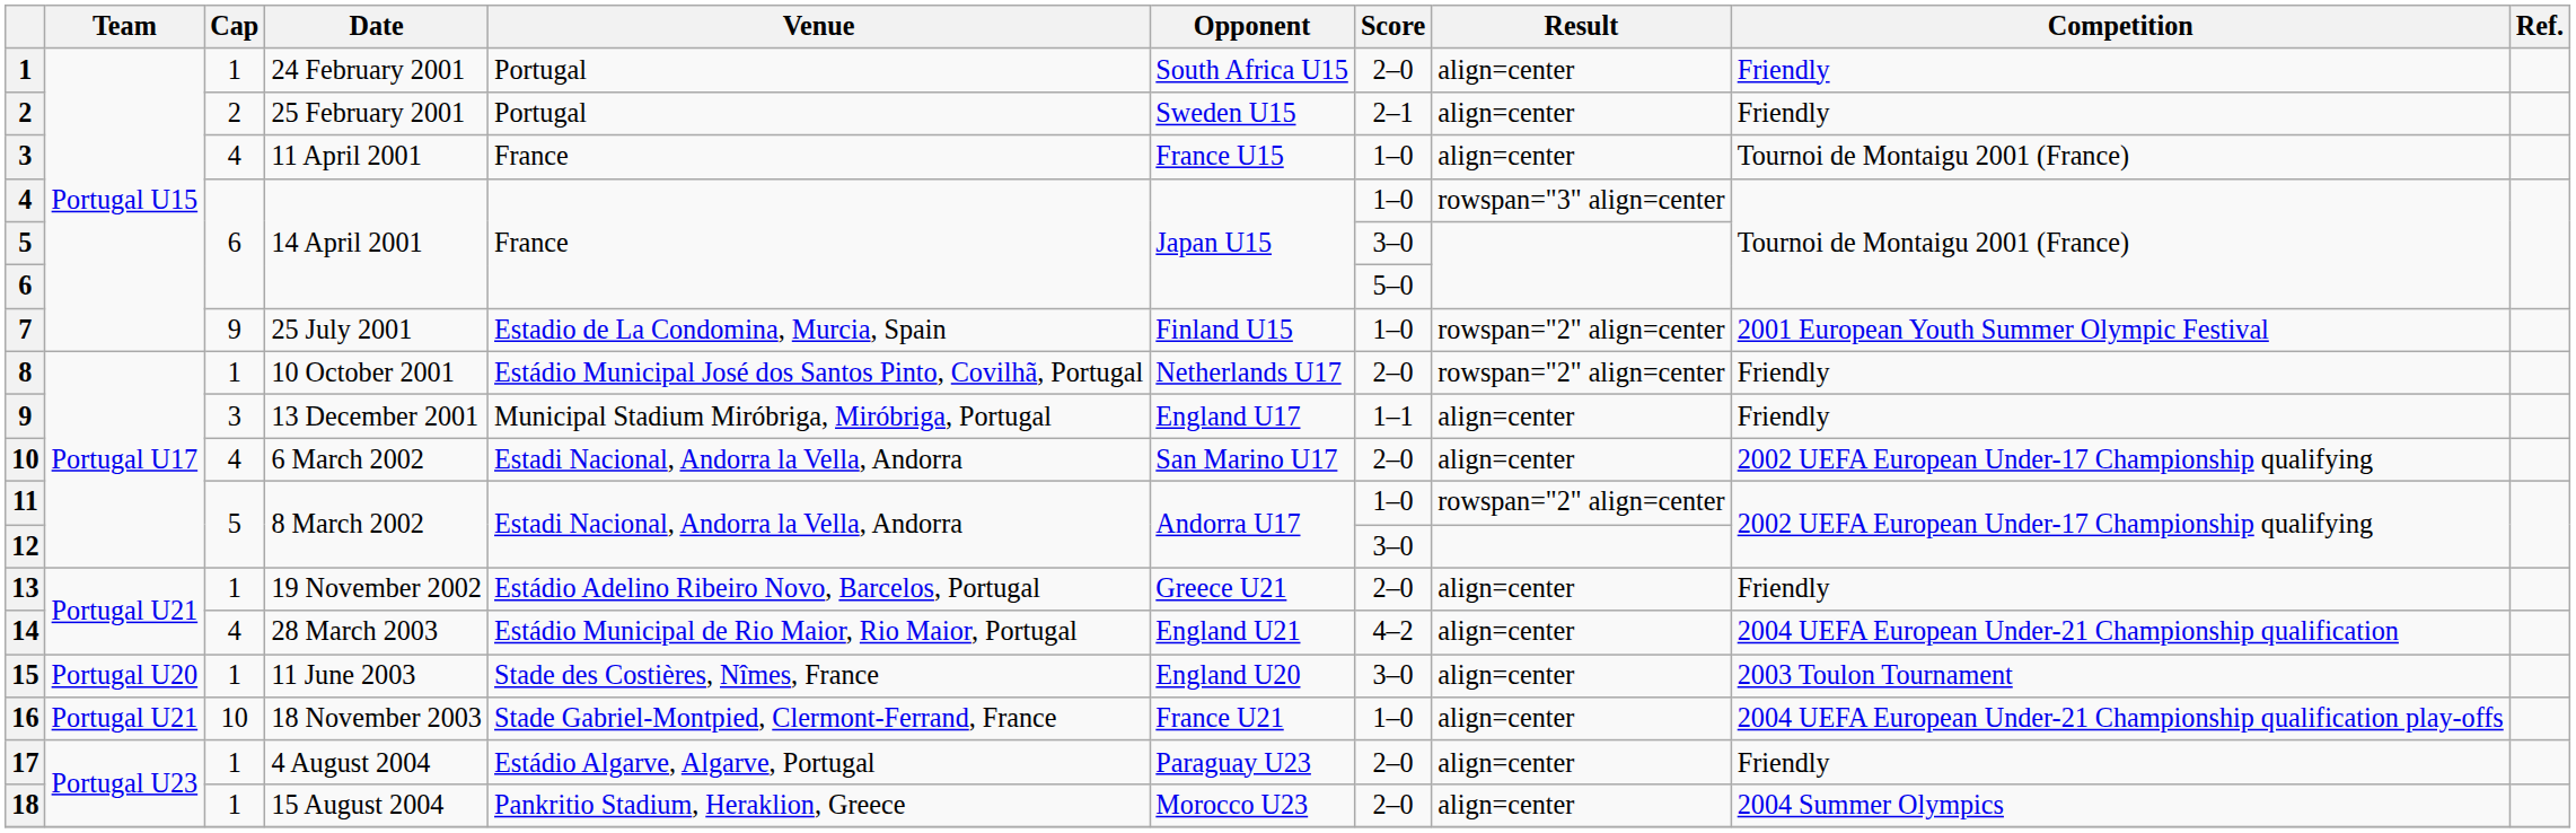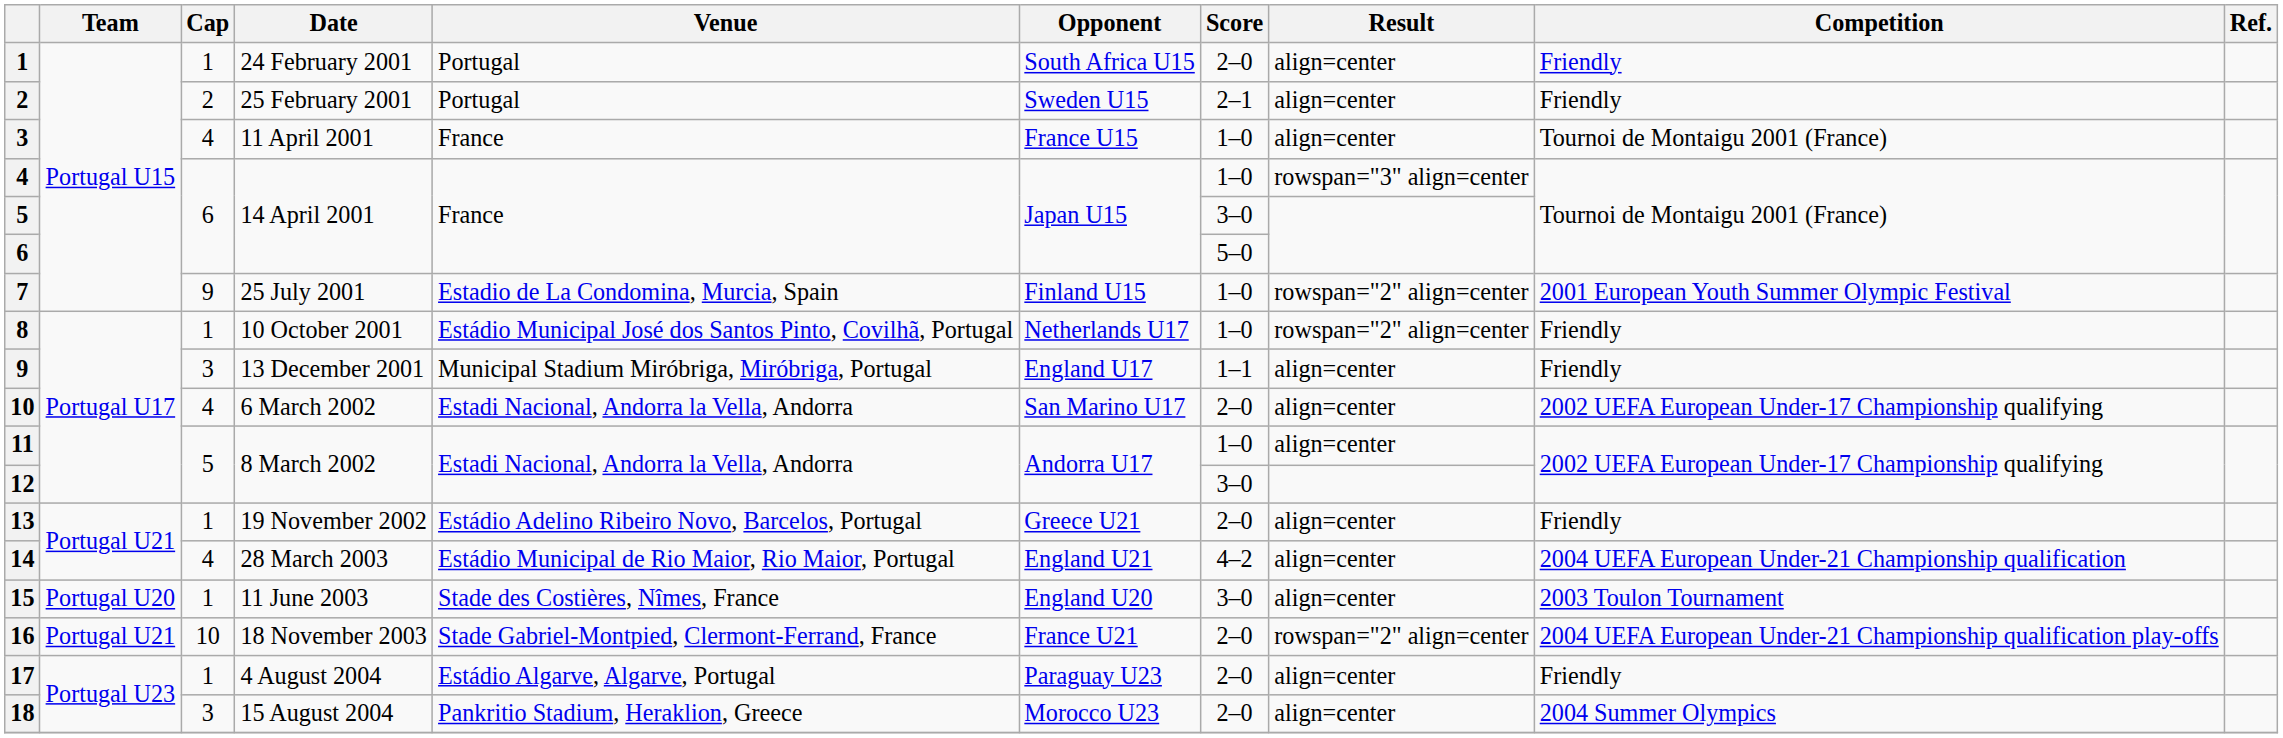 <table class="wikitable sortable">
 <tr>
 <th scope="col"></th>
 <th scope="col">Team</th>
 <th scope="col">Cap</th>
 <th scope="col">Date</th>
 <th scope="col">Venue</th>
 <th scope="col">Opponent</th>
 <th scope="col">Score</th>
 <th scope="col">Result</th>
 <th scope="col">Competition</th>
 <th scope="col">Ref.</th>
 </tr>
 <tr>
 <th>1</th>
 <td rowspan="7"> <a href='#'>Portugal U15</a></td>
 <td align="center">1</td>
 <td>24 February 2001</td>
 <td>Portugal</td>
 <td> <a href='#'>South Africa U15</a></td>
 <td align="center">2–0</td>
 <td>align=center </td>
 <td><a href='#'>Friendly</a></td>
 <td></td>
 </tr>
 <tr>
 <th>2</th>
 <td align="center">2</td>
 <td>25 February 2001</td>
 <td>Portugal</td>
 <td> <a href='#'>Sweden U15</a></td>
 <td align="center">2–1</td>
 <td>align=center </td>
 <td>Friendly</td>
 <td></td>
 </tr>
 <tr>
 <th>3</th>
 <td align="center">4</td>
 <td>11 April 2001</td>
 <td>France</td>
 <td> <a href='#'>France U15</a></td>
 <td align="center">1–0</td>
 <td>align=center </td>
 <td>Tournoi de Montaigu 2001 (France)</td>
 <td></td>
 </tr>
 <tr>
 <th>4</th>
 <td rowspan="3" align="center">6</td>
 <td rowspan="3">14 April 2001</td>
 <td rowspan="3">France</td>
 <td rowspan="3"> <a href='#'>Japan U15</a></td>
 <td align="center">1–0</td>
 <td>rowspan="3" align=center </td>
 <td rowspan="3">Tournoi de Montaigu 2001 (France)</td>
 <td rowspan="3"></td>
 </tr>
 <tr>
 <th>5</th>
 <td align="center">3–0</td>
 </tr>
 <tr>
 <th>6</th>
 <td align="center">5–0</td>
 </tr>
 <tr>
 <th>7</th>
 <td align="center">9</td>
 <td>25 July 2001</td>
 <td><a href='#'>Estadio de La Condomina</a>, <a href='#'>Murcia</a>, Spain</td>
 <td> <a href='#'>Finland U15</a></td>
 <td align="center">1–0</td>
 <td>rowspan="2" align=center </td>
 <td><a href='#'>2001 European Youth Summer Olympic Festival</a></td>
 <td></td>
 </tr>
 <tr>
 <th>8</th>
 <td rowspan="5"> <a href='#'>Portugal U17</a></td>
 <td align="center">1</td>
 <td>10 October 2001</td>
 <td><a href='#'>Estádio Municipal José dos Santos Pinto</a>, <a href='#'>Covilhã</a>, Portugal</td>
 <td> <a href='#'>Netherlands U17</a></td>
-<td align="center">2–0</td>
+<td align="center">1–0</td>
 <td>rowspan="2" align=center </td>
 <td>Friendly</td>
 <td></td>
 </tr>
 <tr>
 <th>9</th>
 <td align="center">3</td>
 <td>13 December 2001</td>
 <td>Municipal Stadium Miróbriga, <a href='#'>Miróbriga</a>, Portugal</td>
 <td> <a href='#'>England U17</a></td>
 <td align="center">1–1</td>
 <td>align=center </td>
 <td>Friendly</td>
 <td></td>
 </tr>
 <tr>
 <th>10</th>
 <td align="center">4</td>
 <td>6 March 2002</td>
 <td><a href='#'>Estadi Nacional</a>, <a href='#'>Andorra la Vella</a>, Andorra</td>
 <td> <a href='#'>San Marino U17</a></td>
 <td align="center">2–0</td>
 <td>align=center </td>
 <td><a href='#'>2002 UEFA European Under-17 Championship</a> qualifying</td>
 <td></td>
 </tr>
 <tr>
 <th>11</th>
 <td rowspan="2" align="center">5</td>
 <td rowspan="2">8 March 2002</td>
 <td rowspan="2"><a href='#'>Estadi Nacional</a>, <a href='#'>Andorra la Vella</a>, Andorra</td>
 <td rowspan="2"> <a href='#'>Andorra U17</a></td>
 <td align="center">1–0</td>
-<td>rowspan="2" align=center </td>
+<td>align=center </td>
 <td rowspan="2"><a href='#'>2002 UEFA European Under-17 Championship</a> qualifying</td>
 <td rowspan="2"></td>
 </tr>
 <tr>
 <th>12</th>
 <td align="center">3–0</td>
 </tr>
 <tr>
 <th>13</th>
 <td rowspan="2"> <a href='#'>Portugal U21</a></td>
 <td align="center">1</td>
 <td>19 November 2002</td>
 <td><a href='#'>Estádio Adelino Ribeiro Novo</a>, <a href='#'>Barcelos</a>, Portugal</td>
 <td> <a href='#'>Greece U21</a></td>
 <td align="center">2–0</td>
 <td>align=center </td>
 <td>Friendly</td>
 <td></td>
 </tr>
 <tr>
 <th>14</th>
 <td align="center">4</td>
 <td>28 March 2003</td>
 <td><a href='#'>Estádio Municipal de Rio Maior</a>, <a href='#'>Rio Maior</a>, Portugal</td>
 <td> <a href='#'>England U21</a></td>
 <td align="center">4–2</td>
 <td>align=center </td>
 <td><a href='#'>2004 UEFA European Under-21 Championship qualification</a></td>
 <td></td>
 </tr>
 <tr>
 <th>15</th>
 <td> <a href='#'>Portugal U20</a></td>
 <td align="center">1</td>
 <td>11 June 2003</td>
 <td><a href='#'>Stade des Costières</a>, <a href='#'>Nîmes</a>, France</td>
 <td> <a href='#'>England U20</a></td>
 <td align="center">3–0</td>
 <td>align=center </td>
 <td><a href='#'>2003 Toulon Tournament</a></td>
 <td></td>
 </tr>
 <tr>
 <th>16</th>
 <td> <a href='#'>Portugal U21</a></td>
 <td align="center">10</td>
 <td>18 November 2003</td>
 <td><a href='#'>Stade Gabriel-Montpied</a>, <a href='#'>Clermont-Ferrand</a>, France</td>
 <td> <a href='#'>France U21</a></td>
-<td align="center">1–0</td>
-<td>align=center </td>
+<td align="center">2–0</td>
+<td>rowspan="2" align=center </td>
 <td><a href='#'>2004 UEFA European Under-21 Championship qualification play-offs</a></td>
 <td></td>
 </tr>
 <tr>
 <th>17</th>
 <td rowspan="2"> <a href='#'>Portugal U23</a></td>
 <td align="center">1</td>
 <td>4 August 2004</td>
 <td><a href='#'>Estádio Algarve</a>, <a href='#'>Algarve</a>, Portugal</td>
 <td> <a href='#'>Paraguay U23</a></td>
 <td align="center">2–0</td>
 <td>align=center </td>
 <td>Friendly</td>
 <td></td>
 </tr>
 <tr>
 <th>18</th>
-<td align="center">1</td>
+<td align="center">3</td>
 <td>15 August 2004</td>
 <td><a href='#'>Pankritio Stadium</a>, <a href='#'>Heraklion</a>, Greece</td>
 <td> <a href='#'>Morocco U23</a></td>
 <td align="center">2–0</td>
 <td>align=center </td>
 <td><a href='#'>2004 Summer Olympics</a></td>
 <td></td>
 </tr>
 <tr>
 </tr>
 </table>
